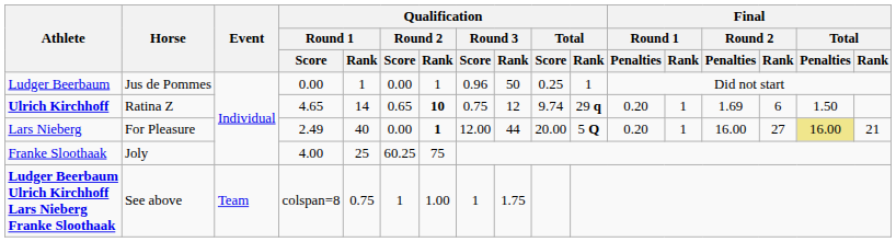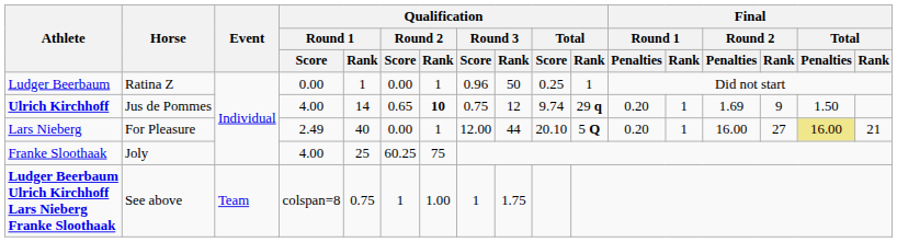 <table class=wikitable style="font-size:90%">
 <tr>
 <th rowspan="3">Athlete</th>
 <th rowspan="3">Horse</th>
 <th rowspan="3">Event</th>
 <th colspan="8">Qualification</th>
 <th colspan="6">Final</th>
 </tr>
 <tr style="font-size:95%">
 <th colspan=2>Round 1</th>
 <th colspan=2>Round 2</th>
 <th colspan=2>Round 3</th>
 <th colspan=2>Total</th>
 <th colspan=2>Round 1</th>
 <th colspan=2>Round 2</th>
 <th colspan=2>Total</th>
 </tr>
 <tr style="font-size:95%">
 <th>Score</th>
 <th>Rank</th>
 <th>Score</th>
 <th>Rank</th>
 <th>Score</th>
 <th>Rank</th>
 <th>Score</th>
 <th>Rank</th>
 <th>Penalties</th>
 <th>Rank</th>
 <th>Penalties</th>
 <th>Rank</th>
 <th>Penalties</th>
 <th>Rank</th>
 </tr>
 <tr align=center>
 <td align=left><a href='#'>Ludger Beerbaum</a></td>
-<td align=left>Jus de Pommes</td>
+<td align=left>Ratina Z</td>
 <td align=left rowspan=4><a href='#'>Individual</a></td>
 <td>0.00</td>
 <td>1</td>
 <td>0.00</td>
 <td>1</td>
 <td>0.96</td>
 <td>50</td>
 <td>0.25</td>
 <td>1</td>
 <td colspan=6>Did not start</td>
 </tr>
 <tr align=center>
 <td align=left><strong><a href='#'>Ulrich Kirchhoff</a></strong></td>
-<td align=left>Ratina Z</td>
-<td>4.65</td>
+<td align=left>Jus de Pommes</td>
+<td>4.00</td>
 <td>14</td>
 <td>0.65</td>
 <td><strong>10</strong></td>
 <td>0.75</td>
 <td>12</td>
 <td>9.74</td>
 <td>29 <strong>q</strong></td>
 <td>0.20</td>
 <td>1</td>
 <td>1.69</td>
-<td>6</td>
+<td>9</td>
 <td>1.50</td>
 <td></td>
 </tr>
 <tr align=center>
 <td align=left><a href='#'>Lars Nieberg</a></td>
 <td align=left>For Pleasure</td>
 <td>2.49</td>
 <td>40</td>
 <td>0.00</td>
-<td><strong>1</strong></td>
+<td>1</td>
 <td>12.00</td>
 <td>44</td>
-<td>20.00</td>
+<td>20.10</td>
 <td>5 <strong>Q</strong></td>
 <td>0.20</td>
 <td>1</td>
 <td>16.00</td>
 <td>27</td>
 <td style="background: khaki;">16.00</td>
 <td>21</td>
 </tr>
 <tr align=center>
 <td align=left><a href='#'>Franke Sloothaak</a></td>
 <td align=left>Joly</td>
 <td>4.00</td>
 <td>25</td>
 <td>60.25</td>
 <td>75</td>
 <td colspan=10></td>
 </tr>
 <tr align=center>
 <td align=left><strong><a href='#'>Ludger Beerbaum</a><br><a href='#'>Ulrich Kirchhoff</a><br><a href='#'>Lars Nieberg</a><br><a href='#'>Franke Sloothaak</a></strong></td>
 <td align=left>See above</td>
 <td align=left><a href='#'>Team</a></td>
 <td>colspan=8</td>
 <td>0.75</td>
 <td>1</td>
 <td>1.00</td>
 <td>1</td>
 <td>1.75</td>
 <td></td>
 </tr>
 </table>
